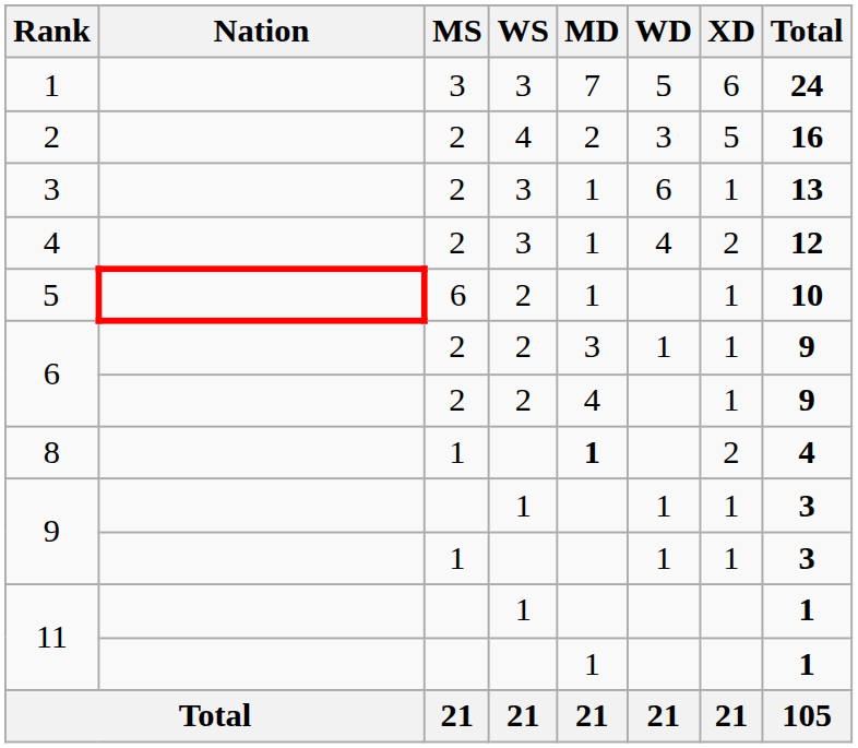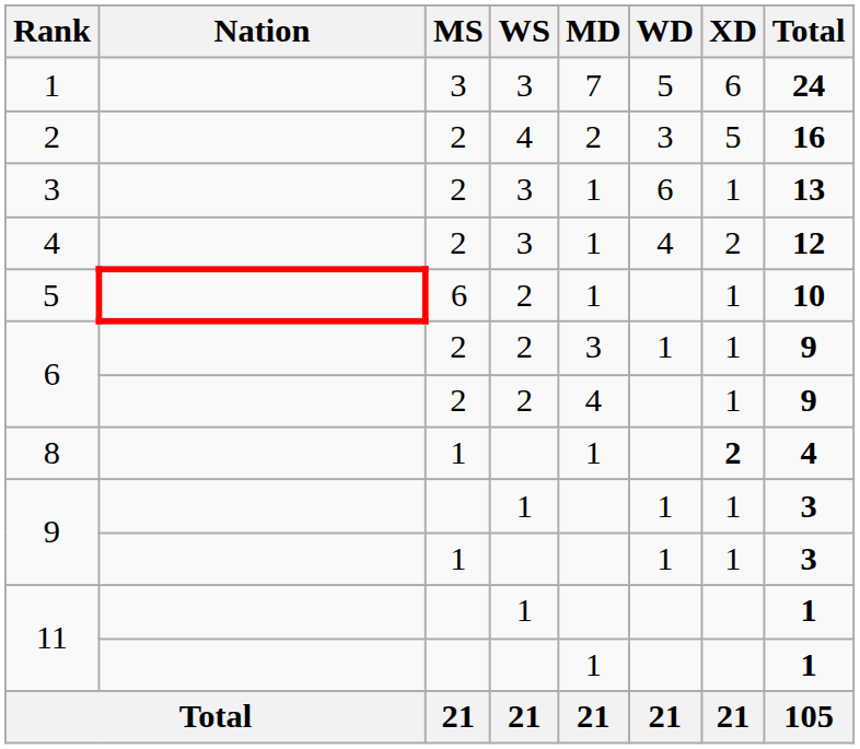 <table class="wikitable" style="text-align:center">
 <tr>
 <th width="20">Rank</th>
 <th width="150">Nation</th>
 <th width="20">MS</th>
 <th width="20">WS</th>
 <th width="20">MD</th>
 <th width="20">WD</th>
 <th width="20">XD</th>
 <th width="20">Total</th>
 </tr>
 <tr>
 <td>1</td>
 <td align="left"></td>
 <td>3</td>
 <td>3</td>
 <td>7</td>
 <td>5</td>
 <td>6</td>
 <td><strong>24</strong></td>
 </tr>
 <tr>
 <td>2</td>
 <td align="left"></td>
 <td>2</td>
 <td>4</td>
 <td>2</td>
 <td>3</td>
 <td>5</td>
 <td><strong>16</strong></td>
 </tr>
 <tr>
 <td>3</td>
 <td align="left"></td>
 <td>2</td>
 <td>3</td>
 <td>1</td>
 <td>6</td>
 <td>1</td>
 <td><strong>13</strong></td>
 </tr>
 <tr>
 <td>4</td>
 <td align="left"></td>
 <td>2</td>
 <td>3</td>
 <td>1</td>
 <td>4</td>
 <td>2</td>
 <td><strong>12</strong></td>
 </tr>
 <tr>
 <td>5</td>
 <td align="left" style="border: 3px solid red"></td>
 <td>6</td>
 <td>2</td>
 <td>1</td>
 <td></td>
 <td>1</td>
 <td><strong>10</strong></td>
 </tr>
 <tr>
 <td rowspan="2">6</td>
 <td align="left"></td>
 <td>2</td>
 <td>2</td>
 <td>3</td>
 <td>1</td>
 <td>1</td>
 <td><strong>9</strong></td>
 </tr>
 <tr>
 <td align="left"></td>
 <td>2</td>
 <td>2</td>
 <td>4</td>
 <td></td>
 <td>1</td>
 <td><strong>9</strong></td>
 </tr>
 <tr>
 <td>8</td>
 <td align="left"></td>
 <td>1</td>
 <td></td>
-<td><strong>1</strong></td>
+<td>1</td>
 <td></td>
-<td>2</td>
+<td><strong>2</strong></td>
 <td><strong>4</strong></td>
 </tr>
 <tr>
 <td rowspan="2">9</td>
 <td align="left"></td>
 <td></td>
 <td>1</td>
 <td></td>
 <td>1</td>
 <td>1</td>
 <td><strong>3</strong></td>
 </tr>
 <tr>
 <td align="left"></td>
 <td>1</td>
 <td></td>
 <td></td>
 <td>1</td>
 <td>1</td>
 <td><strong>3</strong></td>
 </tr>
 <tr>
 <td rowspan="2">11</td>
 <td align="left"></td>
 <td></td>
 <td>1</td>
 <td></td>
 <td></td>
 <td></td>
 <td><strong>1</strong></td>
 </tr>
 <tr>
 <td align="left"></td>
 <td></td>
 <td></td>
 <td>1</td>
 <td></td>
 <td></td>
 <td><strong>1</strong></td>
 </tr>
 <tr>
 <th colspan="2">Total</th>
 <th>21</th>
 <th>21</th>
 <th>21</th>
 <th>21</th>
 <th>21</th>
 <th>105</th>
 </tr>
 </table>
